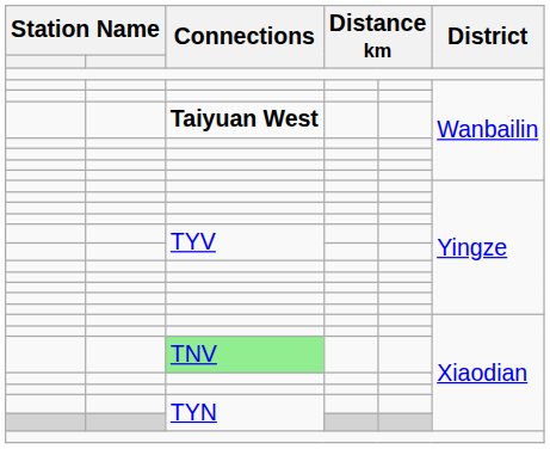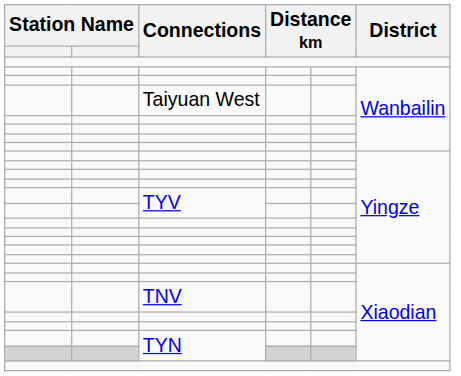 <table class="wikitable">
 <tr>
 <th colspan="2">Station Name</th>
 <th rowspan="2">Connections</th>
 <th colspan="2" rowspan="2">Distance<br><small>km</small></th>
 <th rowspan="2">District</th>
 </tr>
 <tr>
 <th></th>
 <th></th>
 </tr>
 <tr style="background:#">
 <td colspan="6"></td>
 </tr>
 <tr>
 <td></td>
 <td></td>
 <td></td>
 <td></td>
 <td></td>
 <td rowspan="7"><a href='#'>Wanbailin</a></td>
 </tr>
 <tr>
 <td></td>
 <td></td>
 <td></td>
 <td></td>
 <td></td>
 </tr>
 <tr>
 <td></td>
 <td></td>
-<td><strong> Taiyuan West</strong></td>
+<td> Taiyuan West</td>
 <td></td>
 <td></td>
 </tr>
 <tr>
 <td></td>
 <td></td>
 <td></td>
 <td></td>
 <td></td>
 </tr>
 <tr>
 <td></td>
 <td></td>
 <td></td>
 <td></td>
 <td></td>
 </tr>
 <tr>
 <td></td>
 <td></td>
 <td></td>
 <td></td>
 <td></td>
 </tr>
 <tr>
 <td></td>
 <td></td>
 <td></td>
 <td></td>
 <td></td>
 </tr>
 <tr>
 <td></td>
 <td></td>
 <td></td>
 <td></td>
 <td></td>
 <td rowspan="11"><a href='#'>Yingze</a></td>
 </tr>
 <tr>
 <td></td>
 <td></td>
 <td></td>
 <td></td>
 <td></td>
 </tr>
 <tr>
 <td></td>
 <td></td>
 <td></td>
 <td></td>
 <td></td>
 </tr>
 <tr>
 <td></td>
 <td></td>
 <td></td>
 <td></td>
 <td></td>
 </tr>
 <tr>
 <td></td>
 <td></td>
 <td rowspan=2> <a href='#'>TYV</a></td>
 <td></td>
 <td></td>
 </tr>
 <tr>
 <td></td>
 <td></td>
 <td></td>
 <td></td>
 </tr>
 <tr>
 <td></td>
 <td></td>
 <td></td>
 <td></td>
 <td></td>
 </tr>
 <tr>
 <td></td>
 <td></td>
 <td></td>
 <td></td>
 <td></td>
 </tr>
 <tr>
 <td></td>
 <td></td>
 <td></td>
 <td></td>
 <td></td>
 </tr>
 <tr>
 <td></td>
 <td></td>
 <td></td>
 <td></td>
 <td></td>
 </tr>
 <tr>
 <td></td>
 <td></td>
 <td></td>
 <td></td>
 <td></td>
 </tr>
 <tr>
 <td></td>
 <td></td>
 <td></td>
 <td></td>
 <td></td>
 <td rowspan="7"><a href='#'>Xiaodian</a></td>
 </tr>
 <tr>
 <td></td>
 <td></td>
 <td></td>
 <td></td>
 <td></td>
 </tr>
 <tr>
 <td></td>
 <td></td>
-<td style="background: lightgreen;"> <a href='#'>TNV</a></td>
+<td> <a href='#'>TNV</a></td>
 <td></td>
 <td></td>
 </tr>
 <tr>
 <td></td>
 <td></td>
 <td></td>
 <td></td>
 <td></td>
 </tr>
 <tr>
 <td></td>
 <td></td>
 <td></td>
 <td></td>
 <td></td>
 </tr>
 <tr>
 <td></td>
 <td></td>
 <td rowspan=2> <a href='#'>TYN</a></td>
 <td></td>
 <td></td>
 </tr>
 <tr bgcolor="lightgrey">
 <td><em></em></td>
 <td><em></em></td>
 <td></td>
 <td></td>
 </tr>
 <tr style="background:#">
 <td colspan="6"></td>
 </tr>
 </table>
